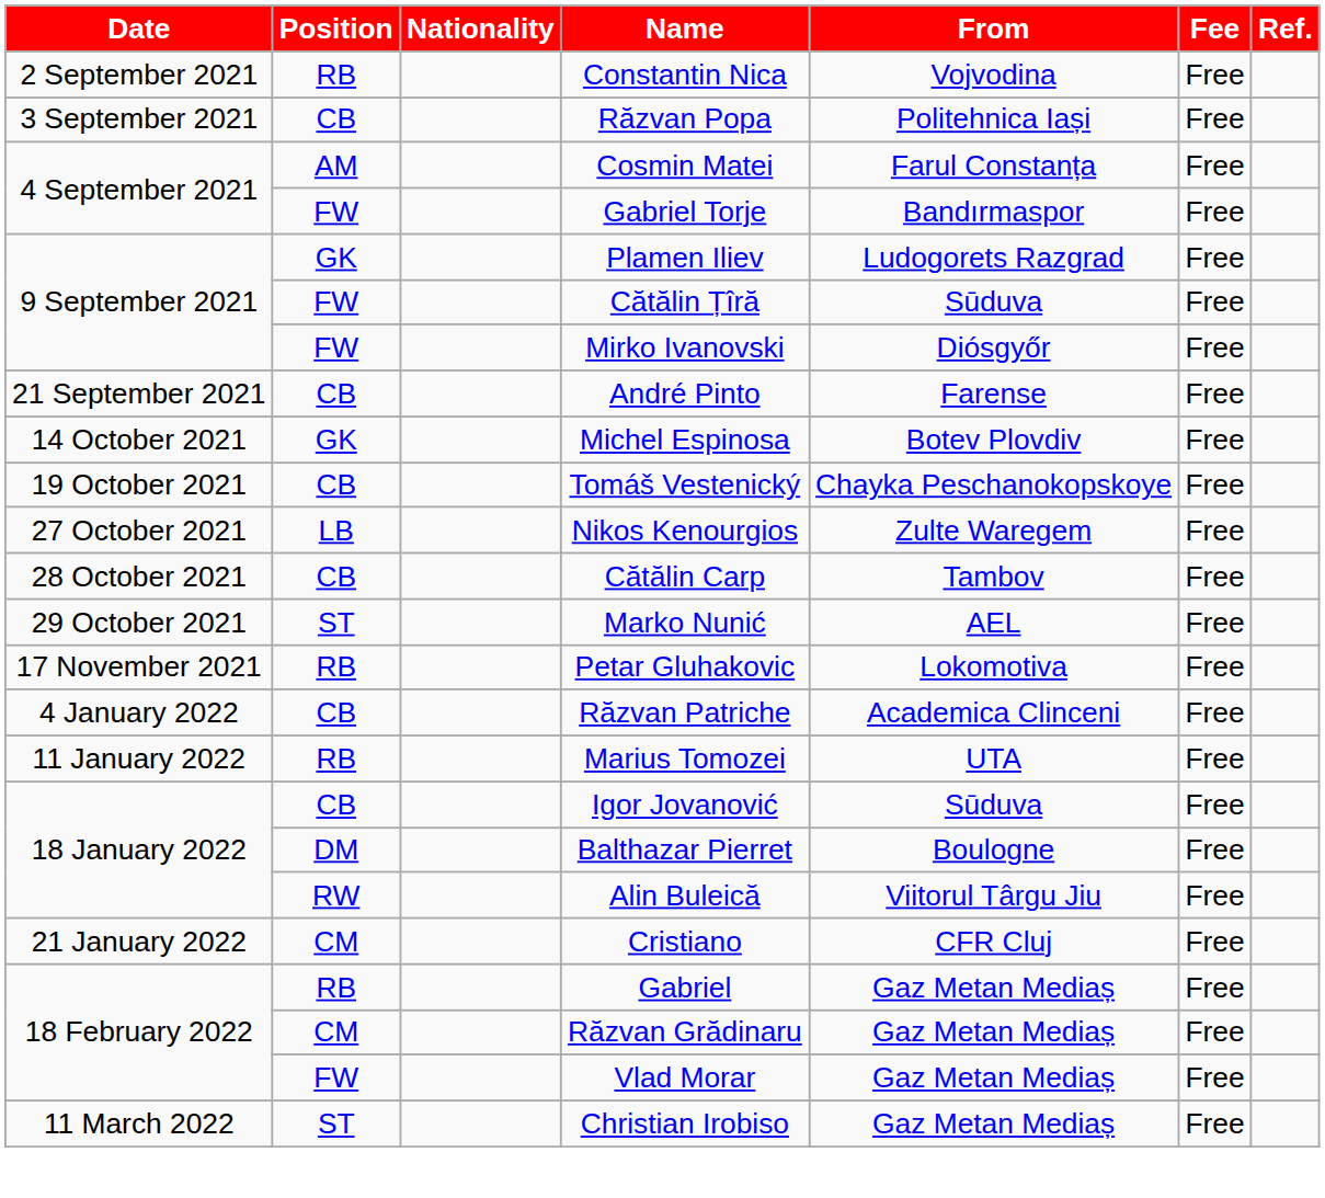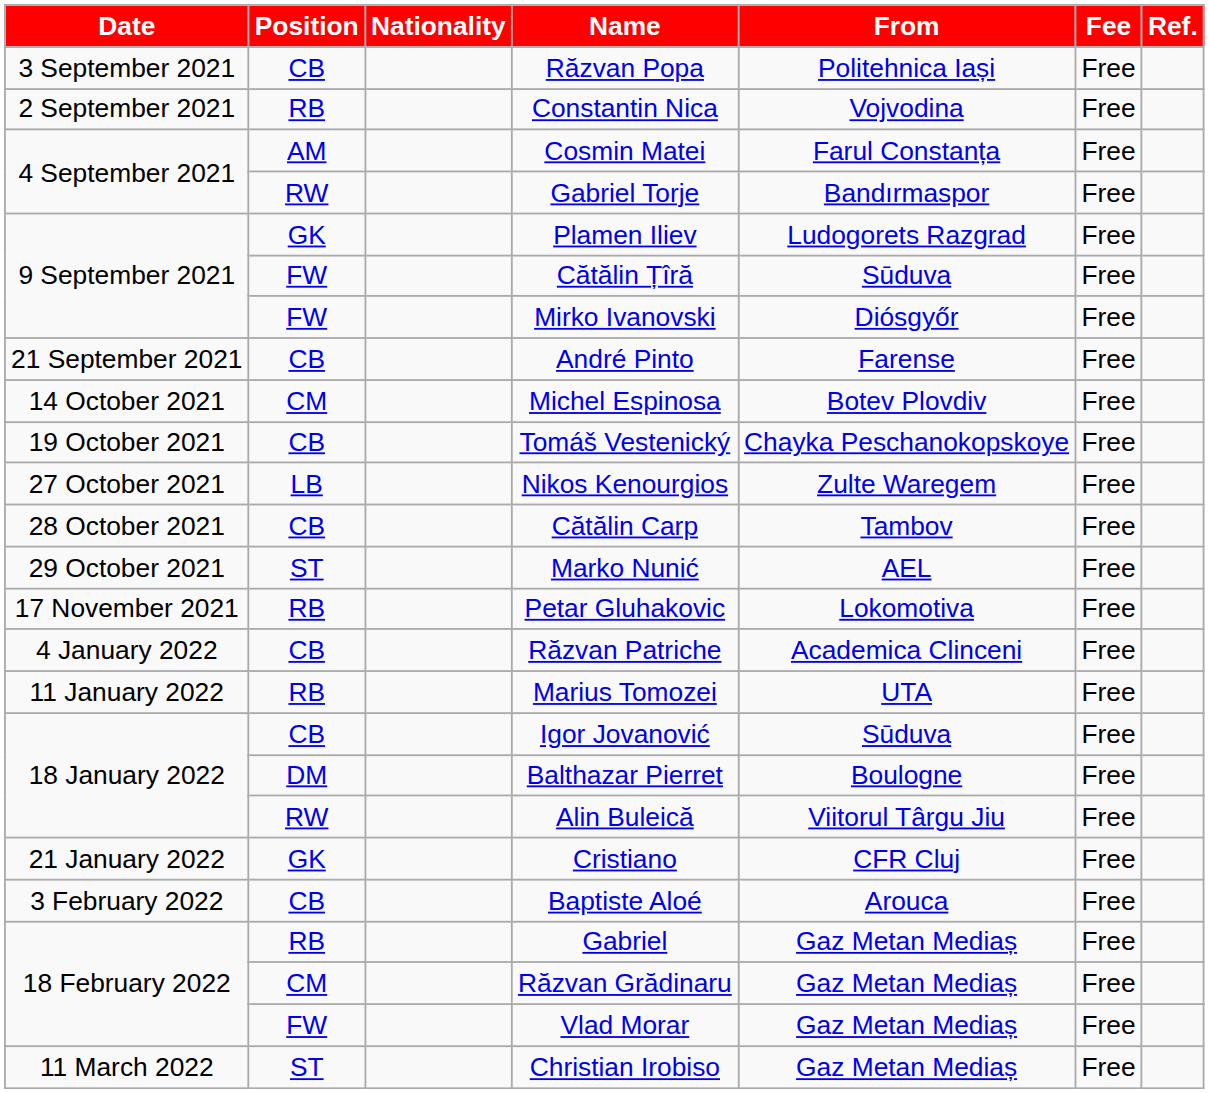 <table class="wikitable"  style="text-align:center; font-size:90%; ">
 <tr>
 <th style="background:red;color:white;">Date</th>
 <th style="background:red;color:white;">Position</th>
 <th style="background:red;color:white;">Nationality</th>
 <th style="background:red;color:white;">Name</th>
 <th style="background:red;color:white;">From</th>
 <th style="background:red;color:white;">Fee</th>
 <th style="background:red;color:white;">Ref.</th>
 </tr>
 <tr>
+<td>3 September 2021</td>
+<td><a href='#'>CB</a></td>
+<td></td>
+<td><a href='#'>Răzvan Popa</a></td>
+<td><a href='#'>Politehnica Iași</a></td>
+<td>Free</td>
+<td></td>
+</tr>
+<tr>
 <td>2 September 2021</td>
 <td><a href='#'>RB</a></td>
 <td></td>
 <td><a href='#'>Constantin Nica</a></td>
 <td> <a href='#'>Vojvodina</a></td>
-<td>Free</td>
-<td></td>
-</tr>
-<tr>
-<td>3 September 2021</td>
-<td><a href='#'>CB</a></td>
-<td></td>
-<td><a href='#'>Răzvan Popa</a></td>
-<td><a href='#'>Politehnica Iași</a></td>
 <td>Free</td>
 <td></td>
 </tr>
 <tr>
 <td rowspan=2>4 September 2021</td>
 <td><a href='#'>AM</a></td>
 <td></td>
 <td><a href='#'>Cosmin Matei</a></td>
 <td><a href='#'>Farul Constanța</a></td>
 <td>Free</td>
 <td></td>
 </tr>
 <tr>
-<td><a href='#'>FW</a></td>
+<td><a href='#'>RW</a></td>
 <td></td>
 <td><a href='#'>Gabriel Torje</a></td>
 <td> <a href='#'>Bandırmaspor</a></td>
 <td>Free</td>
 <td></td>
 </tr>
 <tr>
 <td rowspan=3>9 September 2021</td>
 <td><a href='#'>GK</a></td>
 <td></td>
 <td><a href='#'>Plamen Iliev</a></td>
 <td> <a href='#'>Ludogorets Razgrad</a></td>
 <td>Free</td>
 <td></td>
 </tr>
 <tr>
 <td><a href='#'>FW</a></td>
 <td></td>
 <td><a href='#'>Cătălin Țîră</a></td>
 <td> <a href='#'>Sūduva</a></td>
 <td>Free</td>
 <td></td>
 </tr>
 <tr>
 <td><a href='#'>FW</a></td>
 <td></td>
 <td><a href='#'>Mirko Ivanovski</a></td>
 <td> <a href='#'>Diósgyőr</a></td>
 <td>Free</td>
 <td></td>
 </tr>
 <tr>
 <td>21 September 2021</td>
 <td><a href='#'>CB</a></td>
 <td></td>
 <td><a href='#'>André Pinto</a></td>
 <td> <a href='#'>Farense</a></td>
 <td>Free</td>
 <td></td>
 </tr>
 <tr>
 <td>14 October 2021</td>
-<td><a href='#'>GK</a></td>
+<td><a href='#'>CM</a></td>
 <td></td>
 <td><a href='#'>Michel Espinosa</a></td>
 <td> <a href='#'>Botev Plovdiv</a></td>
 <td>Free</td>
 <td></td>
 </tr>
 <tr>
 <td>19 October 2021</td>
 <td><a href='#'>CB</a></td>
 <td></td>
 <td><a href='#'>Tomáš Vestenický</a></td>
 <td> <a href='#'>Chayka Peschanokopskoye</a></td>
 <td>Free</td>
 <td></td>
 </tr>
 <tr>
 <td>27 October 2021</td>
 <td><a href='#'>LB</a></td>
 <td></td>
 <td><a href='#'>Nikos Kenourgios</a></td>
 <td> <a href='#'>Zulte Waregem</a></td>
 <td>Free</td>
 <td></td>
 </tr>
 <tr>
 <td>28 October 2021</td>
 <td><a href='#'>CB</a></td>
 <td></td>
 <td><a href='#'>Cătălin Carp</a></td>
 <td> <a href='#'>Tambov</a></td>
 <td>Free</td>
 <td></td>
 </tr>
 <tr>
 <td>29 October 2021</td>
 <td><a href='#'>ST</a></td>
 <td></td>
 <td><a href='#'>Marko Nunić</a></td>
 <td> <a href='#'>AEL</a></td>
 <td>Free</td>
 <td></td>
 </tr>
 <tr>
 <td>17 November 2021</td>
 <td><a href='#'>RB</a></td>
 <td></td>
 <td><a href='#'>Petar Gluhakovic</a></td>
 <td> <a href='#'>Lokomotiva</a></td>
 <td>Free</td>
 <td></td>
 </tr>
 <tr>
 <td>4 January 2022</td>
 <td><a href='#'>CB</a></td>
 <td></td>
 <td><a href='#'>Răzvan Patriche</a></td>
 <td><a href='#'>Academica Clinceni</a></td>
 <td>Free</td>
 <td></td>
 </tr>
 <tr>
 <td>11 January 2022</td>
 <td><a href='#'>RB</a></td>
 <td></td>
 <td><a href='#'>Marius Tomozei</a></td>
 <td><a href='#'>UTA</a></td>
 <td>Free</td>
 <td></td>
 </tr>
 <tr>
 <td rowspan=3>18 January 2022</td>
 <td><a href='#'>CB</a></td>
 <td></td>
 <td><a href='#'>Igor Jovanović</a></td>
 <td> <a href='#'>Sūduva</a></td>
 <td>Free</td>
 <td></td>
 </tr>
 <tr>
 <td><a href='#'>DM</a></td>
 <td></td>
 <td><a href='#'>Balthazar Pierret</a></td>
 <td> <a href='#'>Boulogne</a></td>
 <td>Free</td>
 <td></td>
 </tr>
 <tr>
 <td><a href='#'>RW</a></td>
 <td></td>
 <td><a href='#'>Alin Buleică</a></td>
 <td><a href='#'>Viitorul Târgu Jiu</a></td>
 <td>Free</td>
 <td></td>
 </tr>
 <tr>
 <td>21 January 2022</td>
-<td><a href='#'>CM</a></td>
+<td><a href='#'>GK</a></td>
 <td></td>
 <td><a href='#'>Cristiano</a></td>
 <td><a href='#'>CFR Cluj</a></td>
+<td>Free</td>
+<td></td>
+</tr>
+<tr>
+<td>3 February 2022</td>
+<td><a href='#'>CB</a></td>
+<td></td>
+<td><a href='#'>Baptiste Aloé</a></td>
+<td> <a href='#'>Arouca</a></td>
 <td>Free</td>
 <td></td>
 </tr>
 <tr>
 <td rowspan=3>18 February 2022</td>
 <td><a href='#'>RB</a></td>
 <td></td>
 <td><a href='#'>Gabriel</a></td>
 <td><a href='#'>Gaz Metan Mediaș</a></td>
 <td>Free</td>
 <td></td>
 </tr>
 <tr>
 <td><a href='#'>CM</a></td>
 <td></td>
 <td><a href='#'>Răzvan Grădinaru</a></td>
 <td><a href='#'>Gaz Metan Mediaș</a></td>
 <td>Free</td>
 <td></td>
 </tr>
 <tr>
 <td><a href='#'>FW</a></td>
 <td></td>
 <td><a href='#'>Vlad Morar</a></td>
 <td><a href='#'>Gaz Metan Mediaș</a></td>
 <td>Free</td>
 <td></td>
 </tr>
 <tr>
 <td>11 March 2022</td>
 <td><a href='#'>ST</a></td>
 <td></td>
 <td><a href='#'>Christian Irobiso</a></td>
 <td><a href='#'>Gaz Metan Mediaș</a></td>
 <td>Free</td>
 <td></td>
 </tr>
 </table>
